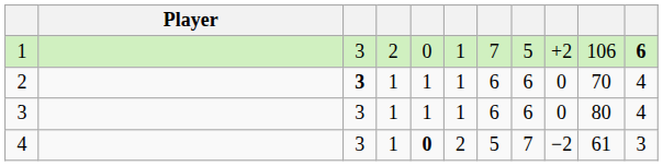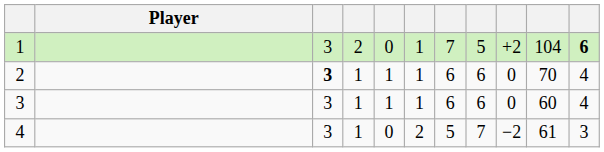 <table class="wikitable" style="text-align:center; margin: 1em auto 1em auto, align:left">
 <tr>
 <th width=20></th>
 <th width=240>Player</th>
 <th width=20></th>
 <th width=20></th>
 <th width=20></th>
 <th width=20></th>
 <th width=20></th>
 <th width=20></th>
 <th width=20></th>
 <th width=30></th>
 <th width=20></th>
 </tr>
 <tr style="background:#D0F0C0;">
 <td>1</td>
 <td align=left></td>
 <td>3</td>
 <td>2</td>
 <td>0</td>
 <td>1</td>
 <td>7</td>
 <td>5</td>
 <td>+2</td>
-<td>106</td>
+<td>104</td>
 <td><strong>6</strong></td>
 </tr>
 <tr style=>
 <td>2</td>
 <td align=left></td>
 <td><strong>3</strong></td>
 <td>1</td>
 <td>1</td>
 <td>1</td>
 <td>6</td>
 <td>6</td>
 <td>0</td>
 <td>70</td>
 <td>4</td>
 </tr>
 <tr style=>
 <td>3</td>
 <td align=left></td>
 <td>3</td>
 <td>1</td>
 <td>1</td>
 <td>1</td>
 <td>6</td>
 <td>6</td>
 <td>0</td>
-<td>80</td>
+<td>60</td>
 <td>4</td>
 </tr>
 <tr style=>
 <td>4</td>
 <td align=left></td>
 <td>3</td>
 <td>1</td>
-<td><strong>0</strong></td>
+<td>0</td>
 <td>2</td>
 <td>5</td>
 <td>7</td>
 <td>−2</td>
 <td>61</td>
 <td>3</td>
 </tr>
 </table>
